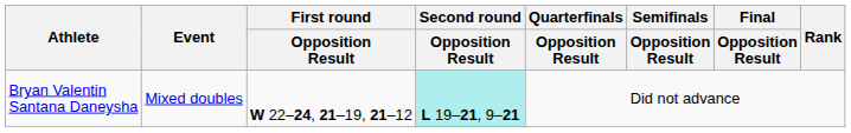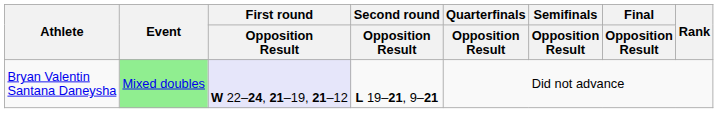 <table class="wikitable" style="font-size:90%">
 <tr>
 <th rowspan="2">Athlete</th>
 <th rowspan="2">Event</th>
 <th>First round</th>
 <th>Second round</th>
 <th>Quarterfinals</th>
 <th>Semifinals</th>
 <th>Final</th>
 <th rowspan="2">Rank</th>
 </tr>
 <tr>
 <th>Opposition<br>Result</th>
 <th>Opposition<br>Result</th>
 <th>Opposition<br>Result</th>
 <th>Opposition<br>Result</th>
 <th>Opposition<br>Result</th>
 </tr>
 <tr>
 <td><a href='#'>Bryan Valentin</a><br><a href='#'>Santana Daneysha</a></td>
-<td><a href='#'>Mixed doubles</a></td>
-<td align=center><br><br><strong>W</strong> 22–<strong>24</strong>, <strong>21</strong>–19, <strong>21</strong>–12</td>
-<td align=center style="background: paleturquoise;"><br><br><strong>L</strong> 19–<strong>21</strong>, 9–<strong>21</strong></td>
+<td style="background: lightgreen;"><a href='#'>Mixed doubles</a></td>
+<td align=center style="background: lavender;"><br><br><strong>W</strong> 22–<strong>24</strong>, <strong>21</strong>–19, <strong>21</strong>–12</td>
+<td align=center><br><br><strong>L</strong> 19–<strong>21</strong>, 9–<strong>21</strong></td>
 <td align=center colspan="7">Did not advance</td>
 </tr>
 </table>
